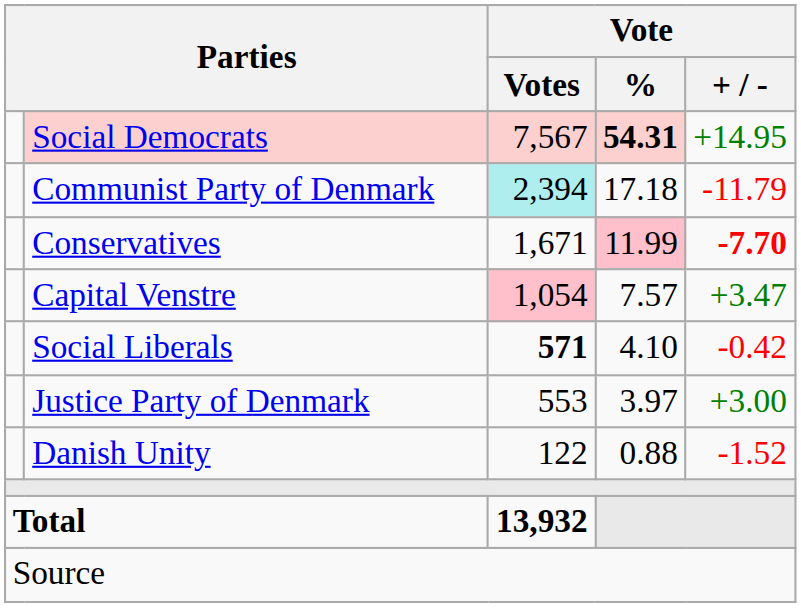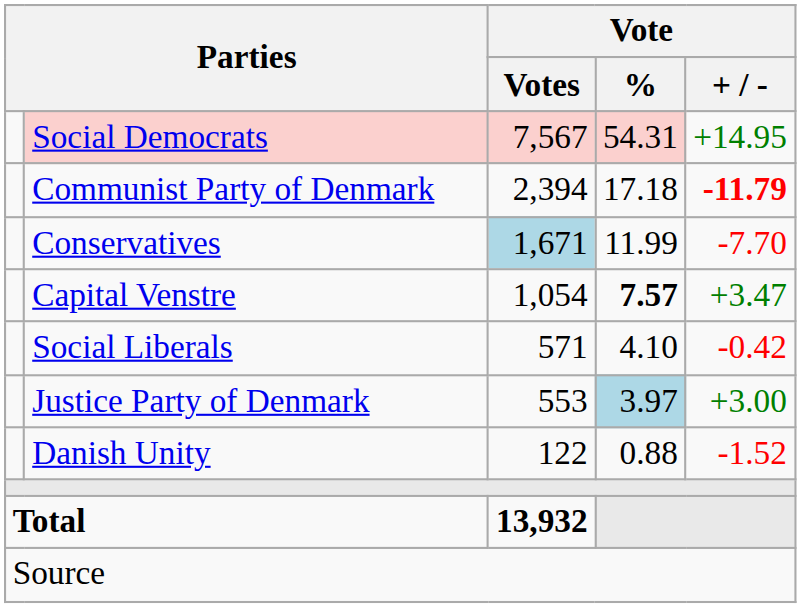 <table class="wikitable" style="text-align:right;">
 <tr>
 <th style="text-align:centre;" rowspan="2" colspan="2" width="225">Parties</th>
 <th colspan="3">Vote</th>
 </tr>
 <tr>
 <th width="15">Votes</th>
 <th width="15">%</th>
 <th width="15">+ / -</th>
 </tr>
 <tr>
 <td width="2" style="color:inherit;background:"></td>
 <td bgcolor=#fbd0ce  align="left"><a href='#'>Social Democrats</a></td>
 <td bgcolor=#fbd0ce>7,567</td>
-<td bgcolor=#fbd0ce><strong>54.31</strong></td>
+<td bgcolor=#fbd0ce>54.31</td>
 <td style=color:green;>+14.95</td>
 </tr>
 <tr>
 <td width="2" style="color:inherit;background:"></td>
 <td align="left"><a href='#'>Communist Party of Denmark</a></td>
-<td style="background: paleturquoise;">2,394</td>
+<td>2,394</td>
 <td>17.18</td>
-<td style=color:red;>-11.79</td>
+<td style=color:red;><strong>-11.79</strong></td>
 </tr>
 <tr>
 <td width="2" style="color:inherit;background:"></td>
 <td align="left"><a href='#'>Conservatives</a></td>
-<td>1,671</td>
-<td style="background: pink;">11.99</td>
-<td style=color:red;><strong>-7.70</strong></td>
+<td style="background: lightblue;">1,671</td>
+<td>11.99</td>
+<td style=color:red;>-7.70</td>
 </tr>
 <tr>
 <td width="2" style="color:inherit;background:"></td>
 <td align="left"><a href='#'>Capital Venstre</a></td>
-<td style="background: pink;">1,054</td>
-<td>7.57</td>
+<td>1,054</td>
+<td><strong>7.57</strong></td>
 <td style=color:green;>+3.47</td>
 </tr>
 <tr>
 <td width="2" style="color:inherit;background:"></td>
 <td align="left"><a href='#'>Social Liberals</a></td>
-<td><strong>571</strong></td>
+<td>571</td>
 <td>4.10</td>
 <td style=color:red;>-0.42</td>
 </tr>
 <tr>
 <td width="2" style="color:inherit;background:"></td>
 <td align="left"><a href='#'>Justice Party of Denmark</a></td>
 <td>553</td>
-<td>3.97</td>
+<td style="background: lightblue;">3.97</td>
 <td style=color:green;>+3.00</td>
 </tr>
 <tr>
 <td width="2" style="color:inherit;background:"></td>
 <td align="left"><a href='#'>Danish Unity</a></td>
 <td>122</td>
 <td>0.88</td>
 <td style=color:red;>-1.52</td>
 </tr>
 <tr>
 <td colspan="7" bgcolor="#E9E9E9"></td>
 </tr>
 <tr>
 <td align="left" colspan="2"><strong>Total</strong></td>
 <td><strong>13,932</strong></td>
 <td bgcolor="#E9E9E9" colspan="2"></td>
 </tr>
 <tr>
 <td align="left" colspan="6">Source</td>
 </tr>
 </table>
